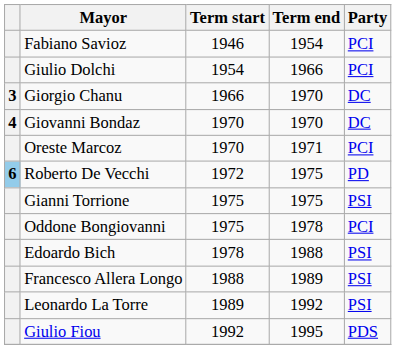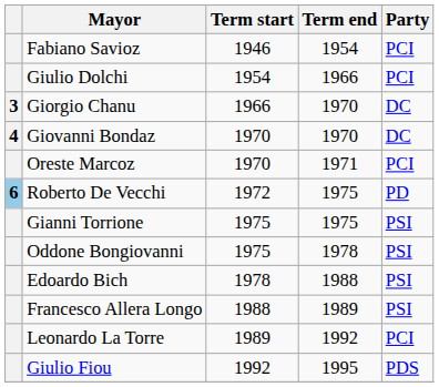 <table class="wikitable">
 <tr>
 <th class=unsortable> </th>
 <th>Mayor</th>
 <th>Term start</th>
 <th>Term end</th>
 <th>Party</th>
 </tr>
 <tr>
 <th style="background:"></th>
 <td>Fabiano Savioz</td>
 <td align=center>1946</td>
 <td align=center>1954</td>
 <td><a href='#'>PCI</a></td>
 </tr>
 <tr>
 <th style="background:"></th>
 <td>Giulio Dolchi</td>
 <td align=center>1954</td>
 <td align=center>1966</td>
 <td><a href='#'>PCI</a></td>
 </tr>
 <tr>
 <th style="background:">3</th>
 <td>Giorgio Chanu</td>
 <td align=center>1966</td>
 <td align=center>1970</td>
 <td><a href='#'>DC</a></td>
 </tr>
 <tr>
 <th style="background:">4</th>
 <td>Giovanni Bondaz</td>
 <td align=center>1970</td>
 <td align=center>1970</td>
 <td><a href='#'>DC</a></td>
 </tr>
 <tr>
 <th style="background:"></th>
 <td>Oreste Marcoz</td>
 <td align=center>1970</td>
 <td align=center>1971</td>
 <td><a href='#'>PCI</a></td>
 </tr>
 <tr>
 <th style="background:#93CCEA;">6</th>
 <td>Roberto De Vecchi</td>
 <td align=center>1972</td>
 <td align=center>1975</td>
 <td><a href='#'>PD</a></td>
 </tr>
 <tr>
 <th style="background:"></th>
 <td>Gianni Torrione</td>
 <td align=center>1975</td>
 <td align=center>1975</td>
 <td><a href='#'>PSI</a></td>
 </tr>
 <tr>
 <th style="background:"></th>
 <td>Oddone Bongiovanni</td>
 <td align=center>1975</td>
 <td align=center>1978</td>
-<td><a href='#'>PCI</a></td>
+<td><a href='#'>PSI</a></td>
 </tr>
 <tr>
 <th style="background:"></th>
 <td>Edoardo Bich</td>
 <td align=center>1978</td>
 <td align=center>1988</td>
 <td><a href='#'>PSI</a></td>
 </tr>
 <tr>
 <th style="background:"></th>
 <td>Francesco Allera Longo</td>
 <td align=center>1988</td>
 <td align=center>1989</td>
 <td><a href='#'>PSI</a></td>
 </tr>
 <tr>
 <th style="background:"></th>
 <td>Leonardo La Torre</td>
 <td align=center>1989</td>
 <td align=center>1992</td>
-<td><a href='#'>PSI</a></td>
+<td><a href='#'>PCI</a></td>
 </tr>
 <tr>
 <th style="background:"></th>
 <td><a href='#'>Giulio Fiou</a></td>
 <td align=center>1992</td>
 <td align=center>1995</td>
 <td><a href='#'>PDS</a></td>
 </tr>
 <tr>
 </tr>
 </table>
